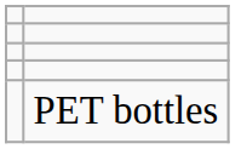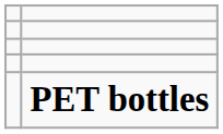 <table class="wikitable">
 <tr>
 <td></td>
 <td></td>
 </tr>
 <tr>
 <td></td>
 <td></td>
 </tr>
 <tr>
 <td></td>
 <td></td>
 </tr>
 <tr>
 <td></td>
 <td></td>
 </tr>
 <tr>
 <td></td>
-<td>PET bottles</td>
+<td><strong>PET bottles</strong></td>
 </tr>
 </table>
